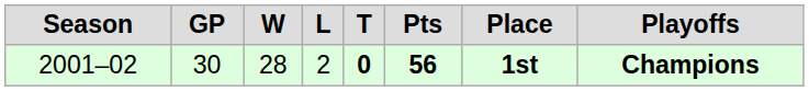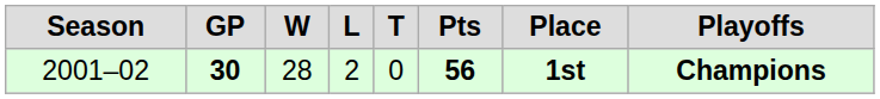 <table class="wikitable" width=40%>
 <tr style="font-weight:bold; background-color:#dddddd;" align="center" |>
 <td>Season</td>
 <td>GP</td>
 <td>W</td>
 <td>L</td>
 <td>T</td>
 <td>Pts</td>
 <td>Place</td>
 <td>Playoffs</td>
 </tr>
 <tr align="center" bgcolor=ddffdd>
 <td>2001–02</td>
-<td>30</td>
+<td><strong>30</strong></td>
 <td>28</td>
 <td>2</td>
-<td><strong>0</strong></td>
+<td>0</td>
 <td><strong>56</strong></td>
 <td><strong>1st</strong></td>
 <td><strong>Champions</strong></td>
 </tr>
 </table>
